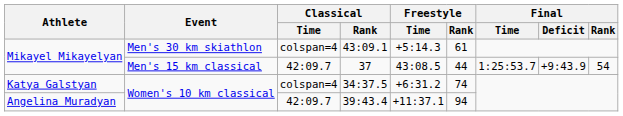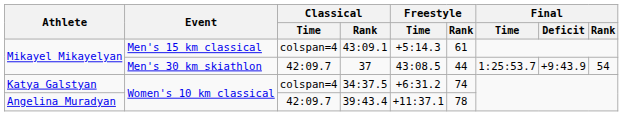 <table class=wikitable style=font-size:90%;text-align:center>
 <tr>
 <th rowspan=2>Athlete</th>
 <th rowspan=2>Event</th>
 <th colspan=2>Classical</th>
 <th colspan=2>Freestyle</th>
 <th colspan=3>Final</th>
 </tr>
 <tr style="font-size: 95%">
 <th>Time</th>
 <th>Rank</th>
 <th>Time</th>
 <th>Rank</th>
 <th>Time</th>
 <th>Deficit</th>
 <th>Rank</th>
 </tr>
 <tr>
 <td align=left rowspan=2><a href='#'>Mikayel Mikayelyan</a></td>
-<td align=left><a href='#'>Men's 30 km skiathlon</a></td>
+<td align=left><a href='#'>Men's 15 km classical</a></td>
 <td>colspan=4 </td>
 <td>43:09.1</td>
 <td>+5:14.3</td>
 <td>61</td>
 </tr>
 <tr>
-<td align=left><a href='#'>Men's 15 km classical</a></td>
+<td align=left><a href='#'>Men's 30 km skiathlon</a></td>
 <td>42:09.7</td>
 <td>37</td>
 <td>43:08.5</td>
 <td>44</td>
 <td>1:25:53.7</td>
 <td>+9:43.9</td>
 <td>54</td>
 </tr>
 <tr>
 <td align=left><a href='#'>Katya Galstyan</a></td>
 <td align=left rowspan=2><a href='#'>Women's 10 km classical</a></td>
 <td>colspan=4 </td>
 <td>34:37.5</td>
 <td>+6:31.2</td>
 <td>74</td>
 </tr>
 <tr>
 <td align=left><a href='#'>Angelina Muradyan</a></td>
 <td>42:09.7</td>
 <td>39:43.4</td>
 <td>+11:37.1</td>
-<td>94</td>
+<td>78</td>
 </tr>
 </table>
